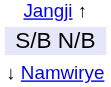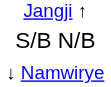 <table style="text-align:center;">
 <tr>
 <td><small> <a href='#'>Jangji</a> ↑ </small></td>
 </tr>
 <tr>
-<td style="background: lavender;"> <span>S/B N/B</span> </td>
+<td> <span>S/B N/B</span> </td>
 </tr>
 <tr>
 <td><small> ↓ <a href='#'>Namwirye</a> </small></td>
 </tr>
 </table>
